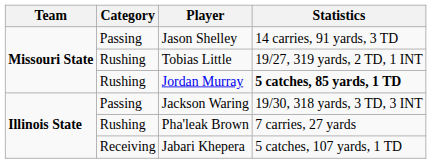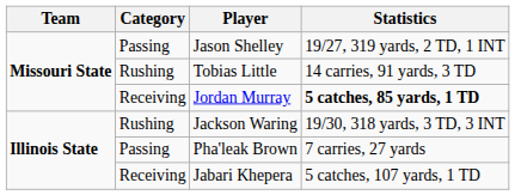 <table class="wikitable" style="float: right;">
 <tr>
 <th>Team</th>
 <th>Category</th>
 <th>Player</th>
 <th>Statistics</th>
 </tr>
 <tr>
 <td rowspan=3><strong>Missouri State</strong></td>
 <td>Passing</td>
 <td>Jason Shelley</td>
-<td>14 carries, 91 yards, 3 TD</td>
+<td>19/27, 319 yards, 2 TD, 1 INT</td>
 </tr>
 <tr>
 <td>Rushing</td>
 <td>Tobias Little</td>
-<td>19/27, 319 yards, 2 TD, 1 INT</td>
+<td>14 carries, 91 yards, 3 TD</td>
 </tr>
 <tr>
-<td>Rushing</td>
+<td>Receiving</td>
 <td><a href='#'>Jordan Murray</a></td>
 <td><strong>5 catches, 85 yards, 1 TD</strong></td>
 </tr>
 <tr>
 <td rowspan=3><strong>Illinois State</strong></td>
-<td>Passing</td>
+<td>Rushing</td>
 <td>Jackson Waring</td>
 <td>19/30, 318 yards, 3 TD, 3 INT</td>
 </tr>
 <tr>
-<td>Rushing</td>
+<td>Passing</td>
 <td>Pha'leak Brown</td>
 <td>7 carries, 27 yards</td>
 </tr>
 <tr>
 <td>Receiving</td>
 <td>Jabari Khepera</td>
 <td>5 catches, 107 yards, 1 TD</td>
 </tr>
 </table>
